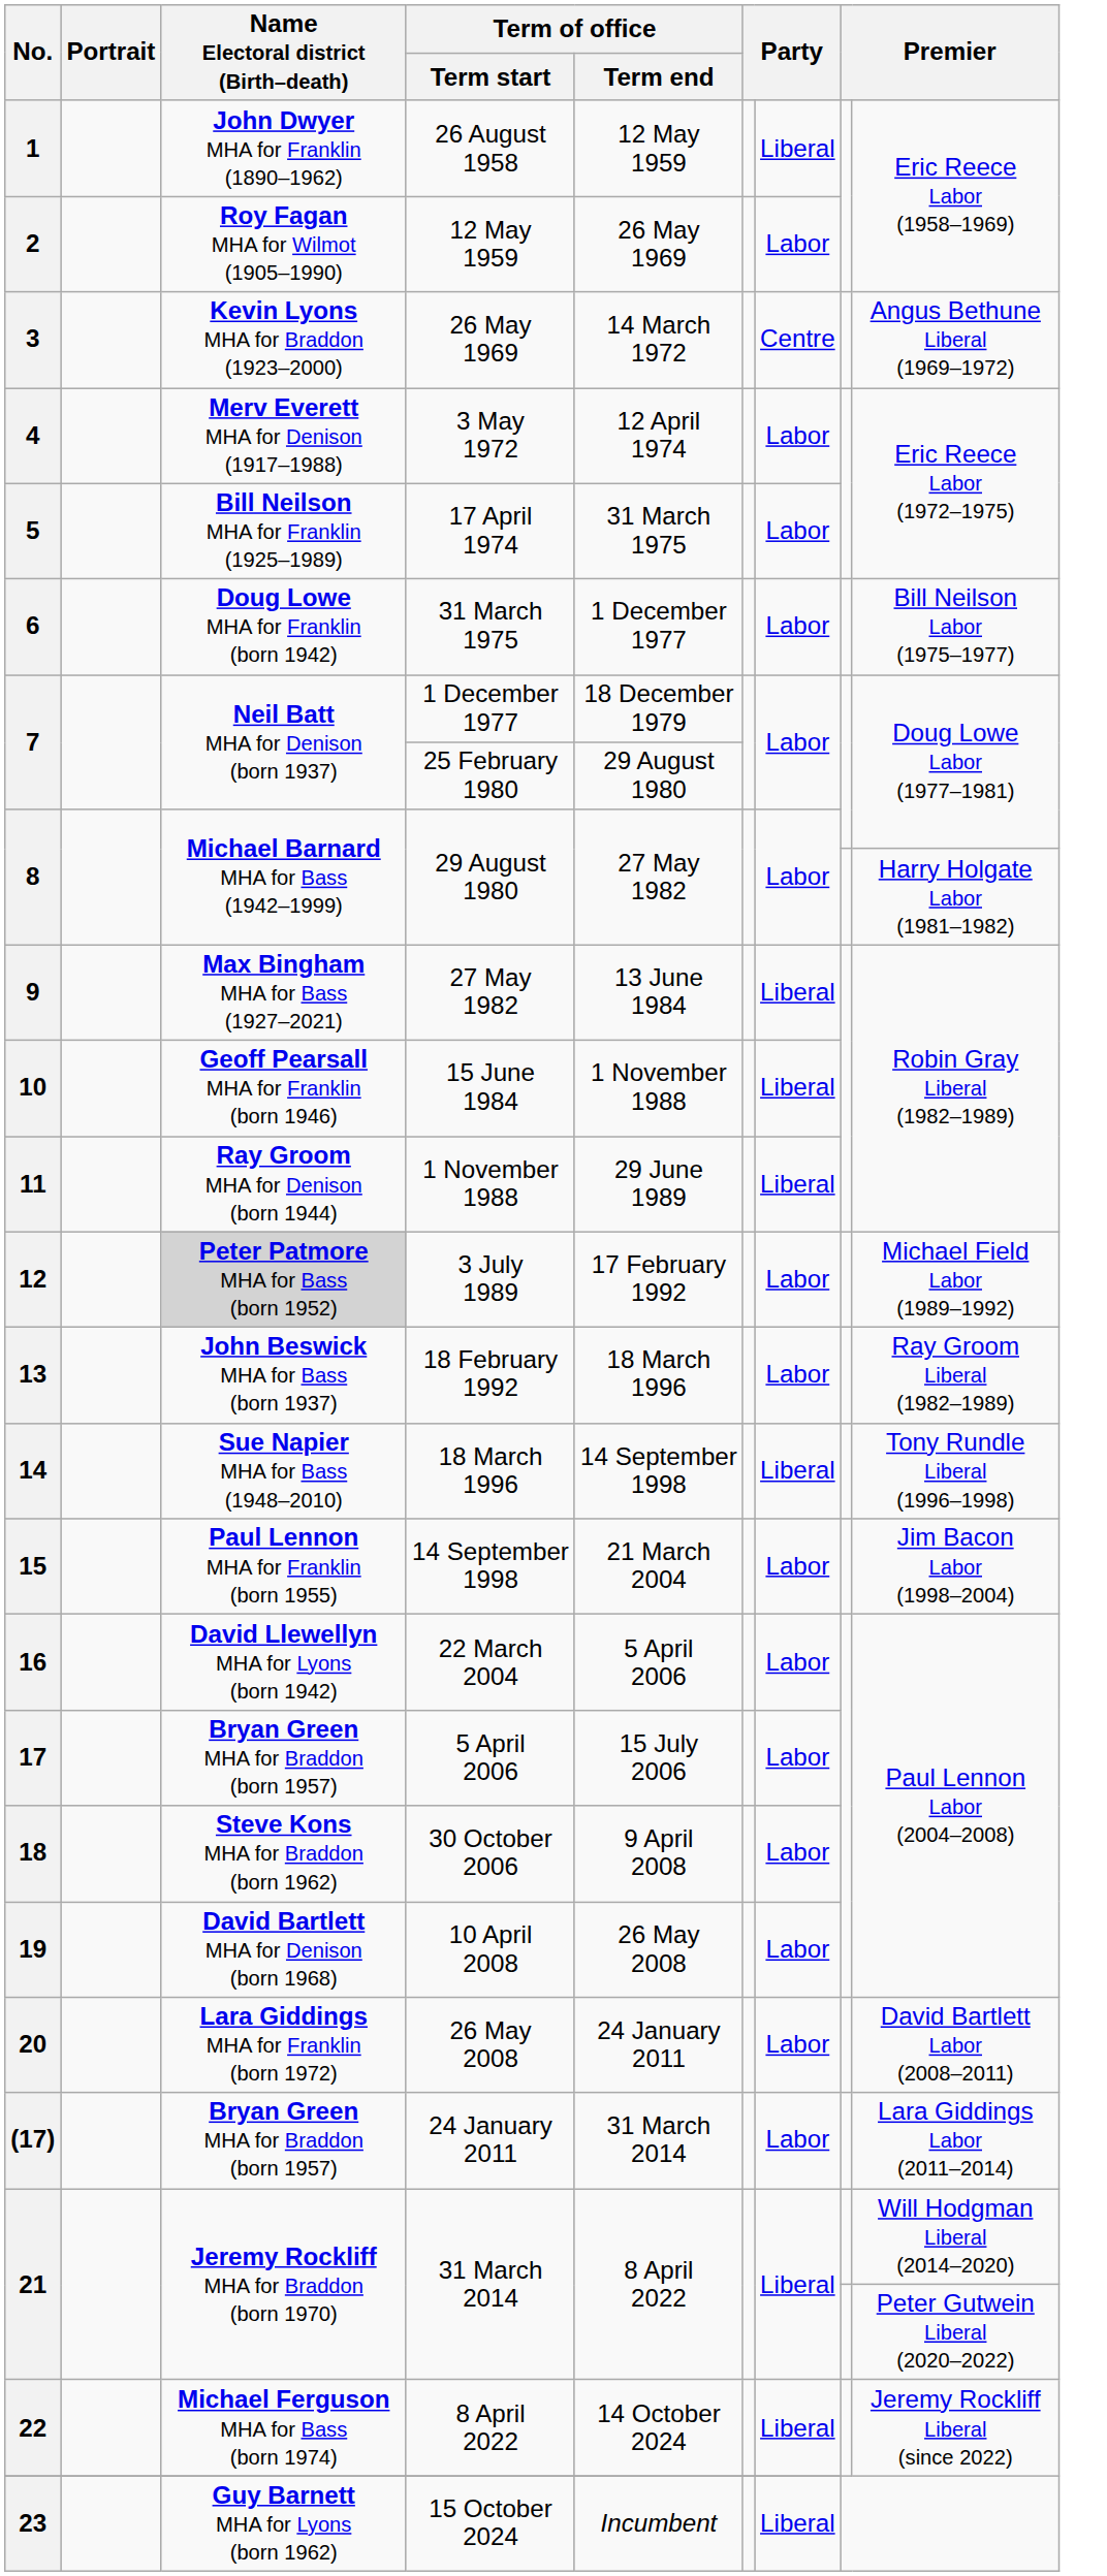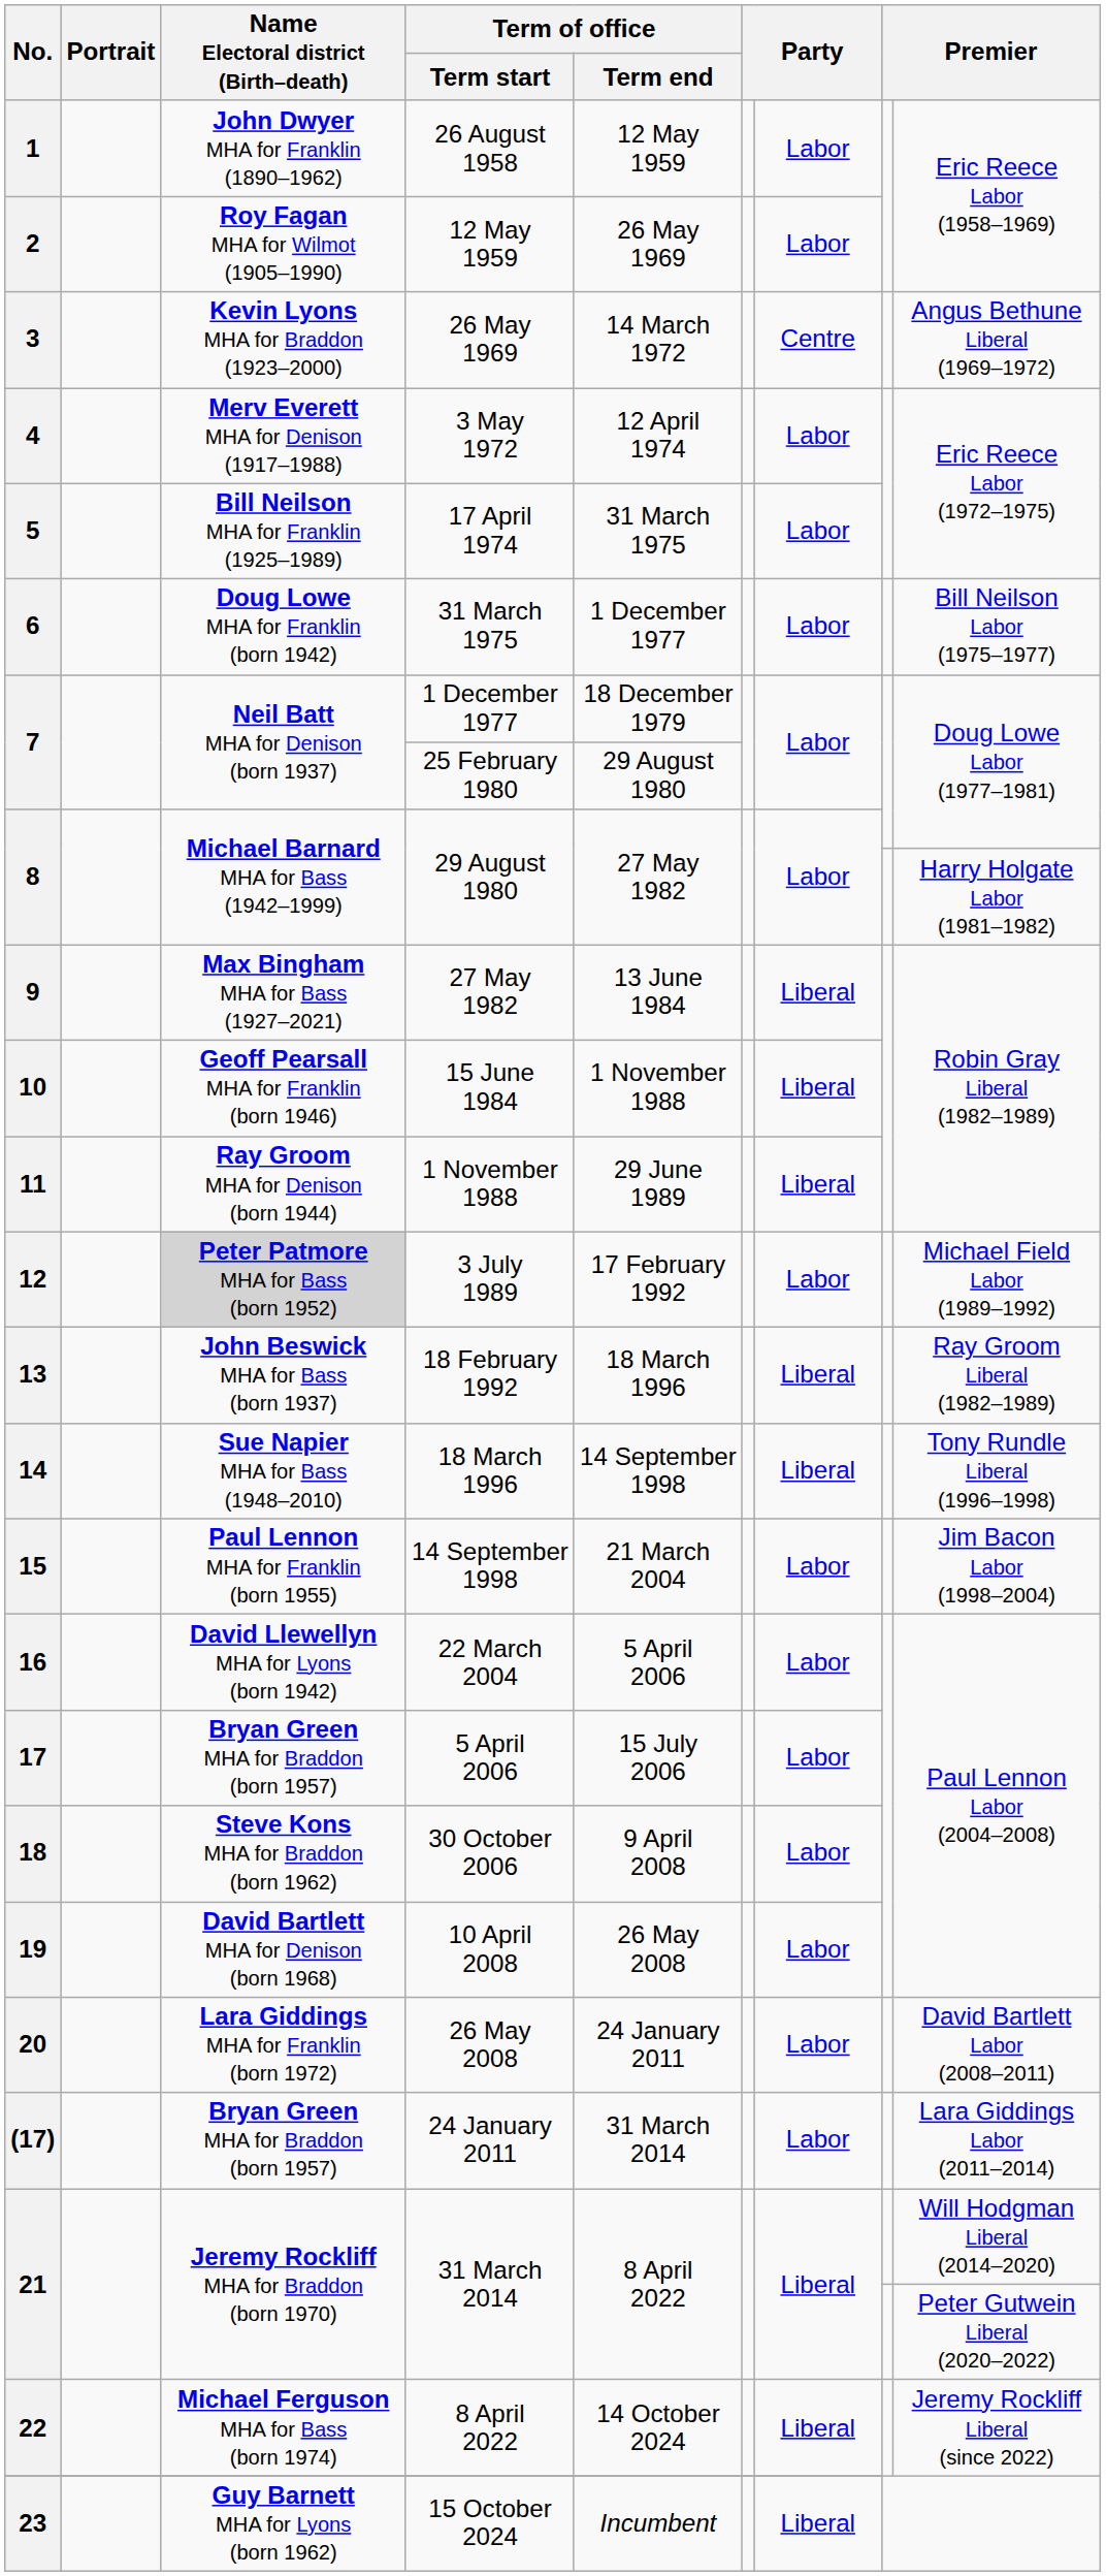 <table class="wikitable" style="text-align:center; white-space: nowrap;">
 <tr>
 <th rowspan="2">No.</th>
 <th rowspan="2" scope="col">Portrait</th>
 <th rowspan="2" scope="col"  width="150px">Name<br><small>Electoral district<br>(Birth–death)</small></th>
 <th colspan="2" scope="col">Term of office</th>
 <th colspan="2" rowspan="2">Party</th>
 <th colspan="2" rowspan="2">Premier</th>
 </tr>
 <tr>
 <th width="90px">Term start</th>
 <th width="90px">Term end</th>
 </tr>
 <tr>
 <th>1</th>
 <td></td>
 <td><strong><a href='#'>John Dwyer</a></strong><br><small>MHA for <a href='#'>Franklin</a></small><br><small>(1890–1962)</small></td>
 <td>26 August<br>1958</td>
 <td>12 May<br>1959</td>
 <td style="background:"></td>
-<td><a href='#'>Liberal</a></td>
+<td width="75px"><a href='#'>Labor</a></td>
 <td rowspan="2" style="background:"></td>
 <td rowspan="2" width="125px"><a href='#'>Eric Reece</a><br><a href='#'><small>Labor</small></a><br><small>(1958–1969)</small></td>
 </tr>
 <tr>
 <th>2</th>
 <td></td>
 <td><strong><a href='#'>Roy Fagan</a></strong><br><small>MHA for <a href='#'>Wilmot</a></small><br><small>(1905–1990)</small></td>
 <td>12 May<br>1959</td>
 <td>26 May<br>1969</td>
 <td style="background:"></td>
 <td><a href='#'>Labor</a></td>
 </tr>
 <tr>
 <th>3</th>
 <td></td>
 <td><strong><a href='#'>Kevin Lyons</a></strong><br><small>MHA for <a href='#'>Braddon</a></small><br><small>(1923–2000)</small></td>
 <td>26 May<br>1969</td>
 <td>14 March<br>1972</td>
 <td style="background:"></td>
 <td><a href='#'>Centre</a></td>
 <td style="background:"></td>
 <td><a href='#'>Angus Bethune</a><br><small><a href='#'>Liberal</a></small><br><small>(1969–1972)</small></td>
 </tr>
 <tr>
 <th>4</th>
 <td></td>
 <td><strong><a href='#'>Merv Everett</a></strong><br><small>MHA for <a href='#'>Denison</a></small><br><small>(1917–1988)</small></td>
 <td>3 May<br>1972</td>
 <td>12 April<br>1974</td>
 <td style="background:"></td>
 <td><a href='#'>Labor</a></td>
 <td rowspan="2" style="background:"></td>
 <td rowspan="2"><a href='#'>Eric Reece</a><br><a href='#'><small>Labor</small></a><br><small>(1972–1975)</small></td>
 </tr>
 <tr>
 <th>5</th>
 <td></td>
 <td><strong><a href='#'>Bill Neilson</a></strong><br><small>MHA for <a href='#'>Franklin</a></small><br><small>(1925–1989)</small></td>
 <td>17 April<br>1974</td>
 <td>31 March<br>1975</td>
 <td style="background:"></td>
 <td><a href='#'>Labor</a></td>
 </tr>
 <tr>
 <th>6</th>
 <td></td>
 <td><a href='#'><strong>Doug Lowe</strong></a><br><small>MHA for <a href='#'>Franklin</a></small><br><small>(born 1942)</small></td>
 <td>31 March<br>1975</td>
 <td>1 December<br>1977</td>
 <td style="background:"></td>
 <td><a href='#'>Labor</a></td>
 <td style="background:"></td>
 <td><a href='#'>Bill Neilson</a><br><a href='#'><small>Labor</small></a><br><small>(1975–1977)</small></td>
 </tr>
 <tr>
 <th rowspan="2">7</th>
 <td rowspan="2"></td>
 <td rowspan="2"><strong><a href='#'>Neil Batt</a></strong><br><small>MHA for <a href='#'>Denison</a></small><br><small>(born 1937)</small></td>
 <td>1 December<br>1977</td>
 <td>18 December<br>1979</td>
 <td rowspan="2" style="background:"></td>
 <td rowspan="2"><a href='#'>Labor</a></td>
 <td rowspan="3" style="background:"></td>
 <td rowspan="3"><a href='#'>Doug Lowe</a><br><a href='#'><small>Labor</small></a><br><small>(1977–1981)</small></td>
 </tr>
 <tr>
 <td>25 February<br>1980</td>
 <td>29 August<br>1980</td>
 </tr>
 <tr style="height:25px">
 <th rowspan="2">8</th>
 <td rowspan="2"></td>
 <td rowspan="2"><a href='#'><strong>Michael Barnard</strong></a><br><small>MHA for <a href='#'>Bass</a></small><br><small>(1942–1999)</small></td>
 <td rowspan="2">29 August<br>1980</td>
 <td rowspan="2">27 May<br>1982</td>
 <td rowspan="2" style="background:"></td>
 <td rowspan="2"><a href='#'>Labor</a></td>
 </tr>
 <tr>
 <td style="background:"></td>
 <td><a href='#'>Harry Holgate</a><br><a href='#'><small>Labor</small></a><br><small>(1981–1982)</small></td>
 </tr>
 <tr>
 <th>9</th>
 <td></td>
 <td><strong><a href='#'>Max Bingham</a></strong><br><small>MHA for <a href='#'>Bass</a></small><br><small>(1927–2021)</small></td>
 <td>27 May<br>1982</td>
 <td>13 June<br>1984</td>
 <td style="background:"></td>
 <td><a href='#'>Liberal</a></td>
 <td rowspan="3" style="background:"></td>
 <td rowspan="3"><a href='#'>Robin Gray</a><br><a href='#'><small>Liberal</small></a><br><small>(1982–1989)</small></td>
 </tr>
 <tr>
 <th>10</th>
 <td></td>
 <td><strong><a href='#'>Geoff Pearsall</a></strong><br><small>MHA for <a href='#'>Franklin</a></small><br><small>(born 1946)</small></td>
 <td>15 June<br>1984</td>
 <td>1 November<br>1988</td>
 <td style="background:"></td>
 <td><a href='#'>Liberal</a></td>
 </tr>
 <tr>
 <th>11</th>
 <td></td>
 <td><strong><a href='#'>Ray Groom</a></strong><br><small>MHA for <a href='#'>Denison</a></small><br><small>(born 1944)</small></td>
 <td>1 November<br>1988</td>
 <td>29 June<br>1989</td>
 <td style="background:"></td>
 <td><a href='#'>Liberal</a></td>
 </tr>
 <tr>
 <th>12</th>
 <td></td>
 <td style="background: lightgrey;"><strong><a href='#'>Peter Patmore</a></strong><br><small>MHA for <a href='#'>Bass</a></small><br><small>(born 1952)</small></td>
 <td>3 July<br>1989</td>
 <td>17 February<br>1992</td>
 <td style="background:"></td>
 <td><a href='#'>Labor</a></td>
 <td style="background:"></td>
 <td><a href='#'>Michael Field</a><br><a href='#'><small>Labor</small></a><br><small>(1989–1992)</small></td>
 </tr>
 <tr>
 <th>13</th>
 <td></td>
 <td><a href='#'><strong>John Beswick</strong></a><br><small>MHA for <a href='#'>Bass</a></small><br><small>(born 1937)</small></td>
 <td>18 February<br>1992</td>
 <td>18 March<br>1996</td>
 <td style="background:"></td>
-<td><a href='#'>Labor</a></td>
+<td><a href='#'>Liberal</a></td>
 <td style="background:"></td>
 <td><a href='#'>Ray Groom</a><br><a href='#'><small>Liberal</small></a><br><small>(1982–1989)</small></td>
 </tr>
 <tr>
 <th>14</th>
 <td></td>
 <td><strong><a href='#'>Sue Napier</a></strong><br><small>MHA for <a href='#'>Bass</a></small><br><small>(1948–2010)</small></td>
 <td>18 March<br>1996</td>
 <td>14 September<br>1998</td>
 <td style="background:"></td>
 <td><a href='#'>Liberal</a></td>
 <td style="background:"></td>
 <td><a href='#'>Tony Rundle</a><br><a href='#'><small>Liberal</small></a><br><small>(1996–1998)</small></td>
 </tr>
 <tr>
 <th>15</th>
 <td></td>
 <td><strong><a href='#'>Paul Lennon</a></strong><br><small>MHA for <a href='#'>Franklin</a></small><br><small>(born 1955)</small></td>
 <td>14 September<br>1998</td>
 <td>21 March<br>2004</td>
 <td style="background:"></td>
 <td><a href='#'>Labor</a></td>
 <td style="background:"></td>
 <td><a href='#'>Jim Bacon</a><br><a href='#'><small>Labor</small></a><br><small>(1998–2004)</small></td>
 </tr>
 <tr>
 <th>16</th>
 <td></td>
 <td><a href='#'><strong>David Llewellyn</strong></a><br><small>MHA for <a href='#'>Lyons</a></small><br><small>(born 1942)</small></td>
 <td>22 March<br>2004</td>
 <td>5 April<br>2006</td>
 <td style="background:"></td>
 <td><a href='#'>Labor</a></td>
 <td rowspan="4" style="background:"></td>
 <td rowspan="4"><a href='#'>Paul Lennon</a><br><a href='#'><small>Labor</small></a><br><small>(2004–2008)</small></td>
 </tr>
 <tr>
 <th>17</th>
 <td></td>
 <td><strong><a href='#'>Bryan Green</a></strong><br><small>MHA for <a href='#'>Braddon</a></small><br><small>(born 1957)</small></td>
 <td>5 April<br>2006</td>
 <td>15 July<br>2006</td>
 <td style="background:"></td>
 <td><a href='#'>Labor</a></td>
 </tr>
 <tr>
 <th>18</th>
 <td></td>
 <td><strong><a href='#'>Steve Kons</a></strong><br><small>MHA for <a href='#'>Braddon</a></small><br><small>(born 1962)</small></td>
 <td>30 October<br>2006</td>
 <td>9 April<br>2008</td>
 <td style="background:"></td>
 <td><a href='#'>Labor</a></td>
 </tr>
 <tr>
 <th>19</th>
 <td></td>
 <td><strong><a href='#'>David Bartlett</a></strong><br><small>MHA for <a href='#'>Denison</a></small><br><small>(born 1968)</small></td>
 <td>10 April<br>2008</td>
 <td>26 May<br>2008</td>
 <td style="background:"></td>
 <td><a href='#'>Labor</a></td>
 </tr>
 <tr>
 <th>20</th>
 <td></td>
 <td><strong><a href='#'>Lara Giddings</a></strong><br><small>MHA for <a href='#'>Franklin</a></small><br><small>(born 1972)</small></td>
 <td>26 May<br>2008</td>
 <td>24 January<br>2011</td>
 <td style="background:"></td>
 <td><a href='#'>Labor</a></td>
 <td style="background:"></td>
 <td><a href='#'>David Bartlett</a><br><a href='#'><small>Labor</small></a><br><small>(2008–2011)</small></td>
 </tr>
 <tr>
 <th>(17)</th>
 <td></td>
 <td><strong><a href='#'>Bryan Green</a></strong><br><small>MHA for <a href='#'>Braddon</a></small><br><small>(born 1957)</small></td>
 <td>24 January<br>2011</td>
 <td>31 March<br>2014</td>
 <td style="background:"></td>
 <td><a href='#'>Labor</a></td>
 <td style="background:"></td>
 <td><a href='#'>Lara Giddings</a><br><a href='#'><small>Labor</small></a><br><small>(2011–2014)</small></td>
 </tr>
 <tr>
 <th rowspan="2">21</th>
 <td rowspan="2"></td>
 <td rowspan="2"><strong><a href='#'>Jeremy Rockliff</a></strong><br><small>MHA for <a href='#'>Braddon</a></small><br><small>(born 1970)</small></td>
 <td rowspan="2">31 March<br>2014</td>
 <td rowspan="2">8 April<br>2022</td>
 <td rowspan="2" style="background:"></td>
 <td rowspan="2"><a href='#'>Liberal</a></td>
 <td style="background:"></td>
 <td><a href='#'>Will Hodgman</a><br><a href='#'><small>Liberal</small></a><br><small>(2014–2020)</small></td>
 </tr>
 <tr>
 <td style="background:"></td>
 <td><a href='#'>Peter Gutwein</a><br><a href='#'><small>Liberal</small></a><br><small>(2020–2022)</small></td>
 </tr>
 <tr>
 <th>22</th>
 <td></td>
 <td><a href='#'><strong>Michael Ferguson</strong></a><br><small>MHA for <a href='#'>Bass</a></small><br><small>(born 1974)</small></td>
 <td>8 April<br>2022</td>
 <td>14 October<br>2024</td>
 <td style="background:"></td>
 <td><a href='#'>Liberal</a></td>
 <td rowspan="2" style="background:"></td>
 <td rowspan="2"><a href='#'>Jeremy Rockliff</a><br><a href='#'><small>Liberal</small></a><br><small>(since 2022)</small></td>
 </tr>
 <tr>
 </tr>
 <tr>
 <th>23</th>
 <td></td>
 <td><a href='#'><strong>Guy Barnett</strong></a><br><small>MHA for <a href='#'>Lyons</a></small><br><small>(born 1962)</small></td>
 <td>15 October<br>2024</td>
 <td><em>Incumbent</em></td>
 <td style="background:"></td>
 <td><a href='#'>Liberal</a></td>
 </tr>
 </table>
